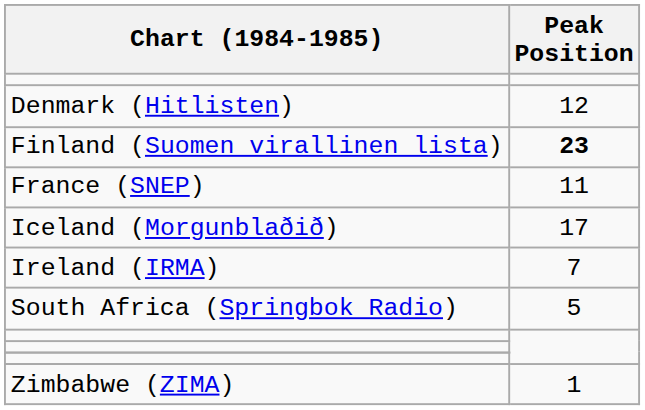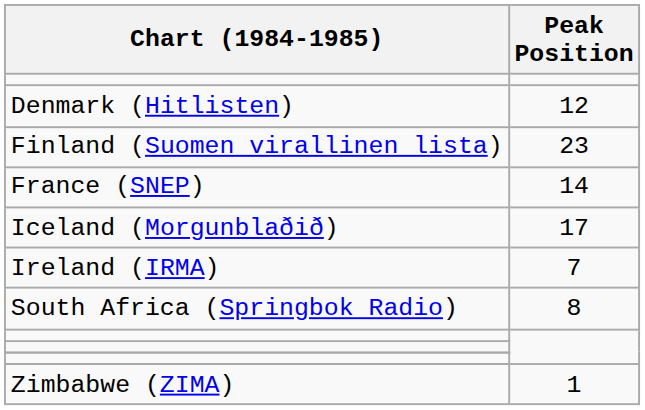 <table class="wikitable sortable">
 <tr>
 <th>Chart (1984-1985)</th>
 <th>Peak<br>Position</th>
 </tr>
 <tr>
 <td></td>
 </tr>
 <tr>
 <td>Denmark (<a href='#'>Hitlisten</a>)</td>
 <td align="center">12</td>
 </tr>
 <tr>
 <td>Finland (<a href='#'>Suomen virallinen lista</a>)</td>
-<td align="center"><strong>23</strong></td>
+<td align="center">23</td>
 </tr>
 <tr>
 <td>France (<a href='#'>SNEP</a>)</td>
-<td align="center">11</td>
+<td align="center">14</td>
 </tr>
 <tr>
 <td>Iceland (<a href='#'>Morgunblaðið</a>)</td>
 <td align="center">17</td>
 </tr>
 <tr>
 <td>Ireland (<a href='#'>IRMA</a>)</td>
 <td style="text-align:center;">7</td>
 </tr>
 <tr>
 <td>South Africa (<a href='#'>Springbok Radio</a>)</td>
-<td align="center">5</td>
+<td align="center">8</td>
 </tr>
 <tr>
 <td></td>
 </tr>
 <tr>
 <td></td>
 </tr>
 <tr>
 </tr>
 <tr>
 <td></td>
 </tr>
 <tr>
 </tr>
 <tr>
 <td>Zimbabwe (<a href='#'>ZIMA</a>)</td>
 <td style="text-align:center;">1</td>
 </tr>
 </table>
